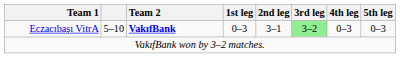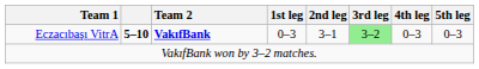 <table class="wikitable" style="text-align: center;">
 <tr>
 <th style="text-align: right; width: 9em;" scope="col">Team 1</th>
 <th scope="col"></th>
 <th style="text-align: left; width: 9em;" scope="col">Team 2</th>
 <th scope="col">1st leg</th>
 <th scope="col">2nd leg</th>
 <th scope="col">3rd leg</th>
 <th scope="col">4th leg</th>
 <th scope="col">5th leg</th>
 </tr>
 <tr>
 <td style="text-align: right;"><a href='#'>Eczacıbaşı VitrA</a></td>
-<td>5–10</td>
+<td><strong>5–10</strong></td>
 <td style="text-align: left;"><strong><a href='#'>VakıfBank</a></strong></td>
 <td>0–3</td>
 <td>3–1</td>
 <td style="background: lightgreen;">3–2</td>
 <td>0–3</td>
 <td>0–3</td>
 </tr>
 <tr>
 <td colspan="8"><em>VakıfBank won by 3–2 matches.</em></td>
 </tr>
 </table>
